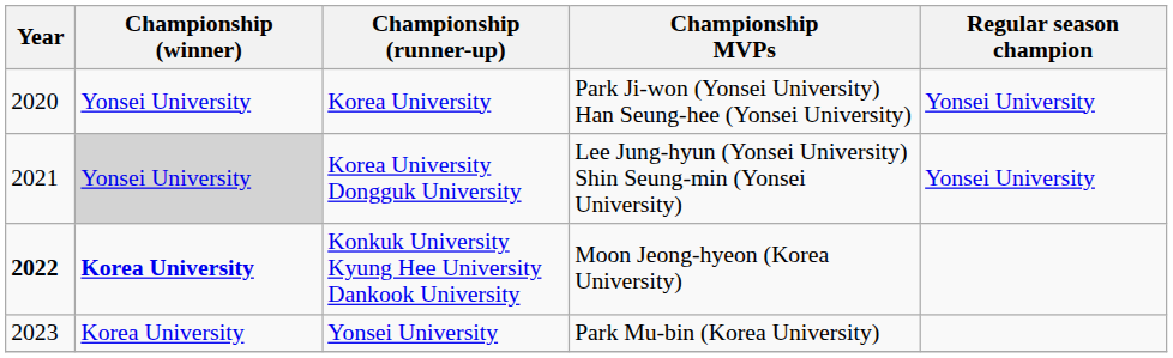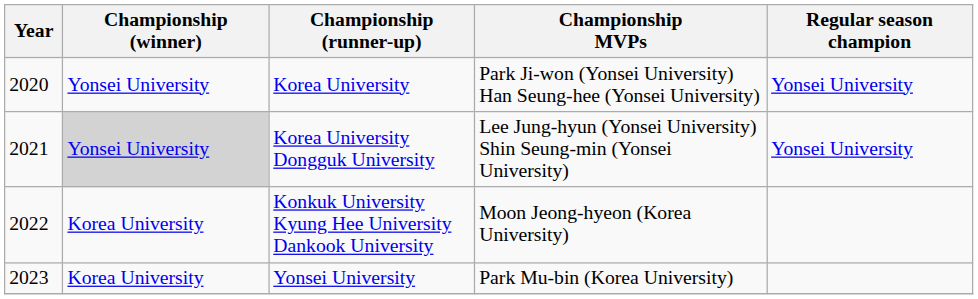 <table class="wikitable sortable sortable">
 <tr>
 <th scope="col" width=40>Year</th>
 <th scope="col" width=160>Championship<br>(winner)</th>
 <th scope="col" width=160>Championship<br>(runner-up)</th>
 <th scope="col" width=230>Championship<br>MVPs</th>
 <th scope="col" width=160>Regular season champion</th>
 </tr>
 <tr>
 <td>2020</td>
 <td><a href='#'>Yonsei University</a></td>
 <td><a href='#'>Korea University</a></td>
 <td>Park Ji-won (Yonsei University)<br>Han Seung-hee (Yonsei University)</td>
 <td><a href='#'>Yonsei University</a></td>
 </tr>
 <tr>
 <td>2021</td>
 <td style="background: lightgrey;"><a href='#'>Yonsei University</a></td>
 <td><a href='#'>Korea University</a><br><a href='#'>Dongguk University</a></td>
 <td>Lee Jung-hyun (Yonsei University)<br>Shin Seung-min (Yonsei University)</td>
 <td><a href='#'>Yonsei University</a></td>
 </tr>
 <tr>
-<td><strong>2022</strong></td>
-<td><strong><a href='#'>Korea University</a></strong></td>
+<td>2022</td>
+<td><a href='#'>Korea University</a></td>
 <td><a href='#'>Konkuk University</a> <br><a href='#'>Kyung Hee University</a> <br> <a href='#'>Dankook University</a></td>
 <td>Moon Jeong-hyeon (Korea University)</td>
 <td></td>
 </tr>
 <tr>
 <td>2023</td>
 <td><a href='#'>Korea University</a></td>
 <td><a href='#'>Yonsei University</a></td>
 <td>Park Mu-bin  (Korea University)</td>
 <td></td>
 </tr>
 <tr>
 </tr>
 </table>
